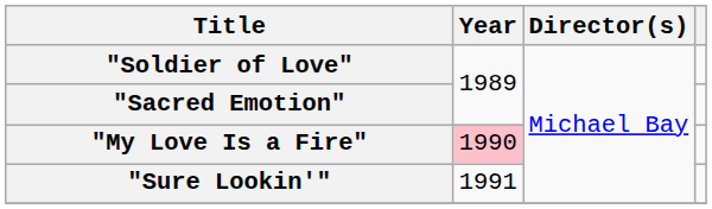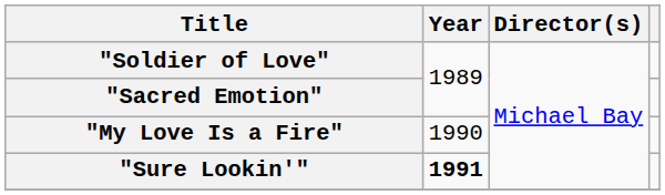 <table class="wikitable plainrowheaders" style="text-align:center;" border="1">
 <tr>
 <th scope="col" style="width:18em;">Title</th>
 <th scope="col">Year</th>
 <th scope="col">Director(s)</th>
 <th></th>
 </tr>
 <tr>
 <th scope="row">"Soldier of Love"</th>
 <td rowspan="2">1989</td>
 <td rowspan="4"><a href='#'>Michael Bay</a></td>
 <td></td>
 </tr>
 <tr>
 <th scope="row">"Sacred Emotion"</th>
 <td></td>
 </tr>
 <tr>
 <th scope="row">"My Love Is a Fire"</th>
-<td style="background: pink;">1990</td>
+<td>1990</td>
 <td></td>
 </tr>
 <tr>
 <th scope="row">"Sure Lookin'"</th>
-<td>1991</td>
+<td><strong>1991</strong></td>
 <td></td>
 </tr>
 <tr>
 </tr>
 </table>
